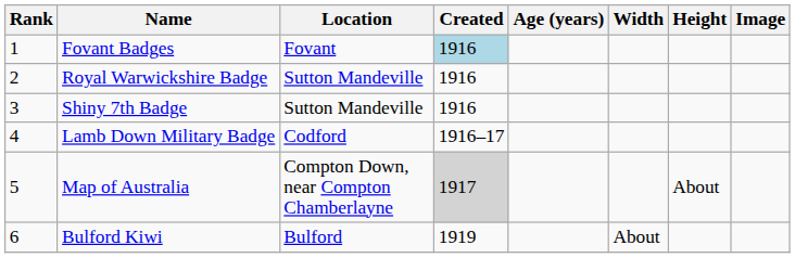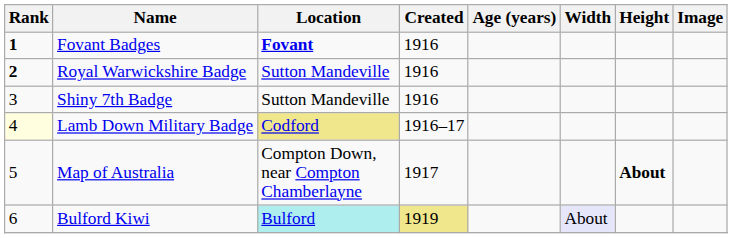 <table class="sortable wikitable" style="text-align:left;font-size:90%;line-height:110%;clear:left;">
 <tr>
 <th width="20">Rank</th>
 <th>Name</th>
 <th width="112">Location</th>
 <th>Created</th>
 <th>Age (years)</th>
 <th>Width</th>
 <th>Height</th>
 <th>Image</th>
 </tr>
 <tr>
-<td>1</td>
+<td><strong>1</strong></td>
 <td><a href='#'>Fovant Badges</a></td>
-<td><a href='#'>Fovant</a></td>
-<td style="background: lightblue;">1916</td>
+<td><strong><a href='#'>Fovant</a></strong></td>
+<td>1916</td>
 <td></td>
 <td></td>
 <td></td>
 <td></td>
 </tr>
 <tr>
-<td>2</td>
+<td><strong>2</strong></td>
 <td><a href='#'>Royal Warwickshire Badge</a></td>
 <td><a href='#'>Sutton Mandeville</a></td>
 <td>1916</td>
 <td></td>
 <td></td>
 <td></td>
 <td></td>
 </tr>
 <tr>
 <td>3</td>
 <td><a href='#'>Shiny 7th Badge</a></td>
 <td>Sutton Mandeville</td>
 <td>1916</td>
 <td></td>
 <td></td>
 <td></td>
 <td></td>
 </tr>
 <tr>
-<td>4</td>
+<td style="background: lightyellow;">4</td>
 <td><a href='#'>Lamb Down Military Badge</a></td>
-<td><a href='#'>Codford</a></td>
+<td style="background: khaki;"><a href='#'>Codford</a></td>
 <td>1916–17</td>
 <td></td>
 <td></td>
 <td></td>
 <td></td>
 </tr>
 <tr>
 <td>5</td>
 <td><a href='#'>Map of Australia</a></td>
 <td>Compton Down, near <a href='#'>Compton Chamberlayne</a></td>
-<td style="background: lightgrey;">1917</td>
+<td>1917</td>
 <td></td>
 <td></td>
-<td>About </td>
+<td><strong>About </strong></td>
 <td></td>
 </tr>
 <tr>
 <td>6</td>
 <td><a href='#'>Bulford Kiwi</a></td>
-<td><a href='#'>Bulford</a></td>
-<td>1919</td>
+<td style="background: paleturquoise;"><a href='#'>Bulford</a></td>
+<td style="background: khaki;">1919</td>
 <td></td>
-<td>About </td>
+<td style="background: lavender;">About </td>
 <td></td>
 <td></td>
 </tr>
 <tr>
 </tr>
 <tr>
 </tr>
 </table>
